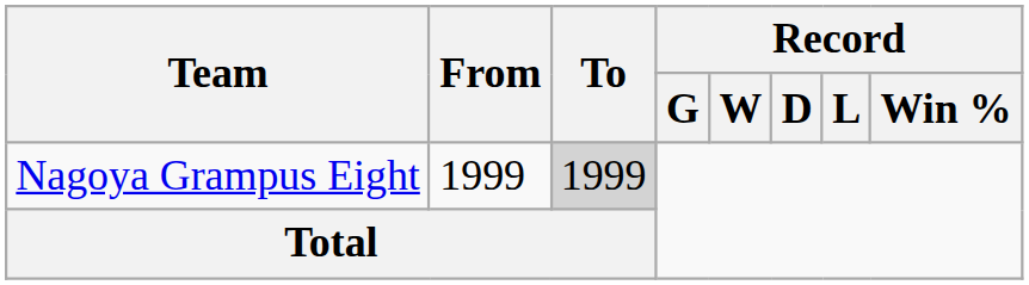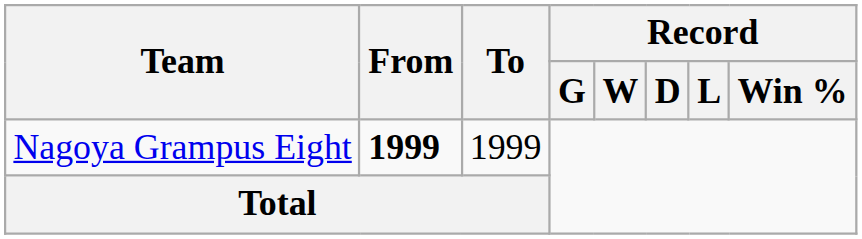 <table class="wikitable" style="text-align: center">
 <tr>
 <th rowspan="2">Team</th>
 <th rowspan="2">From</th>
 <th rowspan="2">To</th>
 <th colspan="5">Record</th>
 </tr>
 <tr>
 <th>G</th>
 <th>W</th>
 <th>D</th>
 <th>L</th>
 <th>Win %</th>
 </tr>
 <tr>
 <td align="left"><a href='#'>Nagoya Grampus Eight</a></td>
-<td align="left">1999</td>
-<td align="left" style="background: lightgrey;">1999<br></td>
+<td align="left"><strong>1999</strong></td>
+<td align="left">1999<br></td>
 </tr>
 <tr>
 <th colspan="3">Total<br></th>
 </tr>
 </table>
